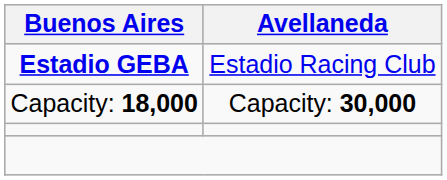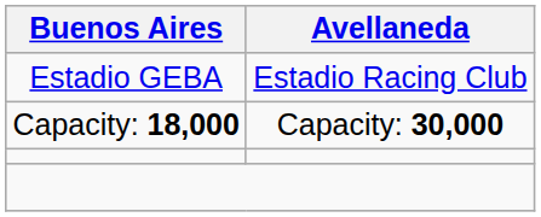 <table class="wikitable" style="text-align:center">
 <tr>
 <th><a href='#'>Buenos Aires</a></th>
 <th><a href='#'>Avellaneda</a></th>
 </tr>
 <tr>
-<td><strong><a href='#'>Estadio GEBA</a></strong></td>
+<td><a href='#'>Estadio GEBA</a></td>
 <td><a href='#'>Estadio Racing Club</a></td>
 </tr>
 <tr>
 <td>Capacity: <strong>18,000</strong></td>
 <td>Capacity: <strong>30,000</strong></td>
 </tr>
 <tr>
 <td></td>
 <td></td>
 </tr>
 <tr>
 <td colspan="2"><br></td>
 </tr>
 </table>
